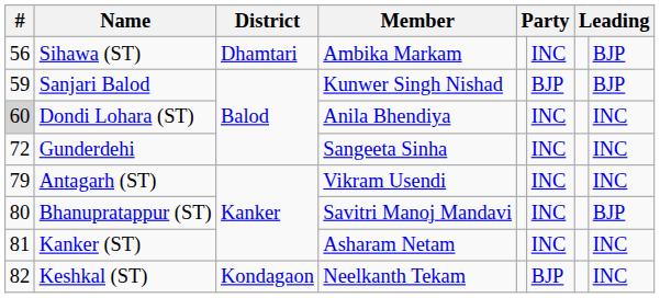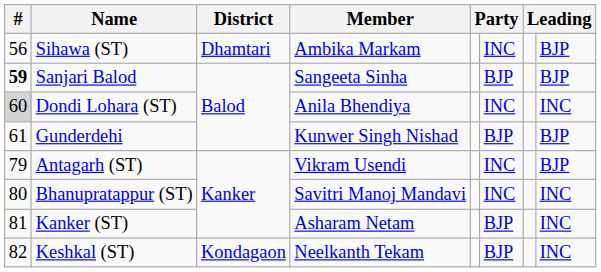 <table class="wikitable">
 <tr>
 <th>#</th>
 <th>Name</th>
 <th>District</th>
 <th>Member</th>
 <th colspan="2">Party</th>
 <th colspan="2">Leading<br></th>
 </tr>
 <tr>
 <td>56</td>
 <td><a href='#'>Sihawa</a> (ST)</td>
 <td><a href='#'>Dhamtari</a></td>
 <td><a href='#'>Ambika Markam</a></td>
 <td style="background-color: "></td>
 <td><a href='#'>INC</a></td>
 <td style="background-color: "></td>
 <td><a href='#'>BJP</a></td>
 </tr>
 <tr>
-<td>59</td>
+<td><strong>59</strong></td>
 <td><a href='#'>Sanjari Balod</a></td>
 <td rowspan="3"><a href='#'>Balod</a></td>
-<td><a href='#'>Kunwer Singh Nishad</a></td>
+<td><a href='#'>Sangeeta Sinha</a></td>
 <td style="background-color: "></td>
 <td><a href='#'>BJP</a></td>
 <td style="background-color: "></td>
 <td><a href='#'>BJP</a></td>
 </tr>
 <tr>
 <td style="background: lightgrey;">60</td>
 <td><a href='#'>Dondi Lohara</a> (ST)</td>
 <td><a href='#'>Anila Bhendiya</a></td>
 <td style="background-color: "></td>
 <td><a href='#'>INC</a></td>
 <td style="background-color: "></td>
 <td><a href='#'>INC</a></td>
 </tr>
 <tr>
-<td>72</td>
+<td>61</td>
 <td><a href='#'>Gunderdehi</a></td>
-<td><a href='#'>Sangeeta Sinha</a></td>
+<td><a href='#'>Kunwer Singh Nishad</a></td>
 <td style="background-color: "></td>
-<td><a href='#'>INC</a></td>
+<td><a href='#'>BJP</a></td>
 <td style="background-color: "></td>
-<td><a href='#'>INC</a></td>
+<td><a href='#'>BJP</a></td>
 </tr>
 <tr>
 <td>79</td>
 <td><a href='#'>Antagarh</a> (ST)</td>
 <td rowspan="3"><a href='#'>Kanker</a></td>
 <td><a href='#'>Vikram Usendi</a></td>
 <td style="background-color: "></td>
 <td><a href='#'>INC</a></td>
 <td style="background-color: "></td>
-<td><a href='#'>INC</a></td>
+<td><a href='#'>BJP</a></td>
 </tr>
 <tr>
 <td>80</td>
 <td><a href='#'>Bhanupratappur</a> (ST)</td>
 <td><a href='#'>Savitri Manoj Mandavi</a></td>
 <td style="background-color: "></td>
 <td><a href='#'>INC</a></td>
 <td style="background-color: "></td>
-<td><a href='#'>BJP</a></td>
+<td><a href='#'>INC</a></td>
 </tr>
 <tr>
 <td>81</td>
 <td><a href='#'>Kanker</a> (ST)</td>
 <td><a href='#'>Asharam Netam</a></td>
 <td style="background-color: "></td>
-<td><a href='#'>INC</a></td>
+<td><a href='#'>BJP</a></td>
 <td style="background-color: "></td>
 <td><a href='#'>INC</a></td>
 </tr>
 <tr>
 <td>82</td>
 <td><a href='#'>Keshkal</a> (ST)</td>
 <td><a href='#'>Kondagaon</a></td>
 <td><a href='#'>Neelkanth Tekam</a></td>
 <td style="background-color: "></td>
 <td><a href='#'>BJP</a></td>
 <td style="background-color: "></td>
 <td><a href='#'>INC</a></td>
 </tr>
 </table>
